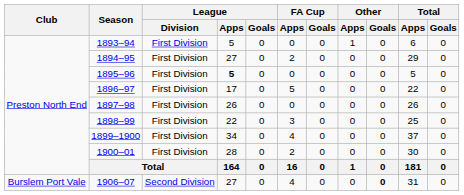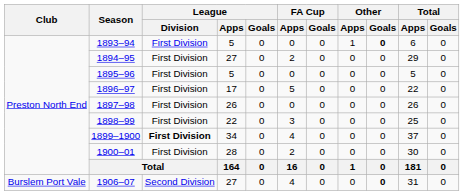 <table class="wikitable" style="text-align: center;">
 <tr>
 <th rowspan="2">Club</th>
 <th rowspan="2">Season</th>
 <th colspan="3">League</th>
 <th colspan="2">FA Cup</th>
 <th colspan="2">Other</th>
 <th colspan="2">Total</th>
 </tr>
 <tr>
 <th>Division</th>
 <th>Apps</th>
 <th>Goals</th>
 <th>Apps</th>
 <th>Goals</th>
 <th>Apps</th>
 <th>Goals</th>
 <th>Apps</th>
 <th>Goals</th>
 </tr>
 <tr>
 <td rowspan="9"><a href='#'>Preston North End</a></td>
 <td><a href='#'>1893–94</a></td>
 <td><a href='#'>First Division</a></td>
 <td>5</td>
 <td>0</td>
 <td>0</td>
 <td>0</td>
 <td>1</td>
-<td>0</td>
+<td><strong>0</strong></td>
 <td>6</td>
 <td>0</td>
 </tr>
 <tr>
 <td><a href='#'>1894–95</a></td>
 <td>First Division</td>
 <td>27</td>
 <td>0</td>
 <td>2</td>
 <td>0</td>
 <td>0</td>
 <td>0</td>
 <td>29</td>
 <td>0</td>
 </tr>
 <tr>
 <td><a href='#'>1895–96</a></td>
 <td>First Division</td>
-<td><strong>5</strong></td>
+<td>5</td>
 <td>0</td>
 <td>0</td>
 <td>0</td>
 <td>0</td>
 <td>0</td>
 <td>5</td>
 <td>0</td>
 </tr>
 <tr>
 <td><a href='#'>1896–97</a></td>
 <td>First Division</td>
 <td>17</td>
 <td>0</td>
 <td>5</td>
 <td>0</td>
 <td>0</td>
 <td>0</td>
 <td>22</td>
 <td>0</td>
 </tr>
 <tr>
 <td><a href='#'>1897–98</a></td>
 <td>First Division</td>
 <td>26</td>
 <td>0</td>
 <td>0</td>
 <td>0</td>
 <td>0</td>
 <td>0</td>
 <td>26</td>
 <td>0</td>
 </tr>
 <tr>
 <td><a href='#'>1898–99</a></td>
 <td>First Division</td>
 <td>22</td>
 <td>0</td>
 <td>3</td>
 <td>0</td>
 <td>0</td>
 <td>0</td>
 <td>25</td>
 <td>0</td>
 </tr>
 <tr>
 <td><a href='#'>1899–1900</a></td>
-<td>First Division</td>
+<td><strong>First Division</strong></td>
 <td>34</td>
 <td>0</td>
 <td>4</td>
 <td>0</td>
 <td>0</td>
 <td>0</td>
 <td>37</td>
 <td>0</td>
 </tr>
 <tr>
 <td><a href='#'>1900–01</a></td>
 <td>First Division</td>
 <td>28</td>
 <td>0</td>
 <td>2</td>
 <td>0</td>
 <td>0</td>
 <td>0</td>
 <td>30</td>
 <td>0</td>
 </tr>
 <tr>
 <th colspan="2">Total</th>
 <th>164</th>
 <th>0</th>
 <th>16</th>
 <th>0</th>
 <th>1</th>
 <th>0</th>
 <th>181</th>
 <th>0</th>
 </tr>
 <tr>
 <td><a href='#'>Burslem Port Vale</a></td>
 <td><a href='#'>1906–07</a></td>
 <td><a href='#'>Second Division</a></td>
 <td>27</td>
 <td>0</td>
 <td>4</td>
 <td>0</td>
 <td>0</td>
 <td><strong>0</strong></td>
 <td>31</td>
 <td>0</td>
 </tr>
 </table>
